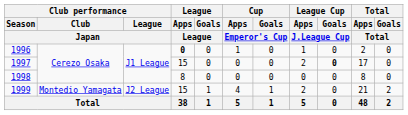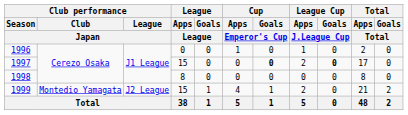 <table class="wikitable" style="text-align:center;">
 <tr>
 <th colspan=3>Club performance</th>
 <th colspan=2>League</th>
 <th colspan=2>Cup</th>
 <th colspan=2>League Cup</th>
 <th colspan=2>Total</th>
 </tr>
 <tr>
 <th>Season</th>
 <th>Club</th>
 <th>League</th>
 <th>Apps</th>
 <th>Goals</th>
 <th>Apps</th>
 <th>Goals</th>
 <th>Apps</th>
 <th>Goals</th>
 <th>Apps</th>
 <th>Goals</th>
 </tr>
 <tr>
 <th colspan=3>Japan</th>
 <th colspan=2>League</th>
 <th colspan=2><a href='#'>Emperor's Cup</a></th>
 <th colspan=2><a href='#'>J.League Cup</a></th>
 <th colspan=2>Total</th>
 </tr>
 <tr>
 <td><a href='#'>1996</a></td>
 <td rowspan="3"><a href='#'>Cerezo Osaka</a></td>
 <td rowspan="3"><a href='#'>J1 League</a></td>
-<td><strong>0</strong></td>
+<td>0</td>
 <td>0</td>
 <td>1</td>
 <td>0</td>
 <td>1</td>
 <td>0</td>
 <td>2</td>
 <td>0</td>
 </tr>
 <tr>
 <td><a href='#'>1997</a></td>
 <td>15</td>
 <td>0</td>
 <td>0</td>
-<td>0</td>
+<td><strong>0</strong></td>
 <td>2</td>
 <td><strong>0</strong></td>
 <td>17</td>
 <td>0</td>
 </tr>
 <tr>
 <td><a href='#'>1998</a></td>
 <td>8</td>
 <td>0</td>
 <td>0</td>
 <td>0</td>
 <td>0</td>
 <td>0</td>
 <td>8</td>
 <td>0</td>
 </tr>
 <tr>
 <td><a href='#'>1999</a></td>
 <td><a href='#'>Montedio Yamagata</a></td>
 <td><a href='#'>J2 League</a></td>
 <td>15</td>
 <td>1</td>
 <td>4</td>
 <td>1</td>
 <td>2</td>
 <td>0</td>
 <td>21</td>
 <td>2</td>
 </tr>
 <tr>
 <th colspan=3>Total</th>
 <th>38</th>
 <th>1</th>
 <th>5</th>
 <th>1</th>
 <th>5</th>
 <th>0</th>
 <th>48</th>
 <th>2</th>
 </tr>
 </table>
